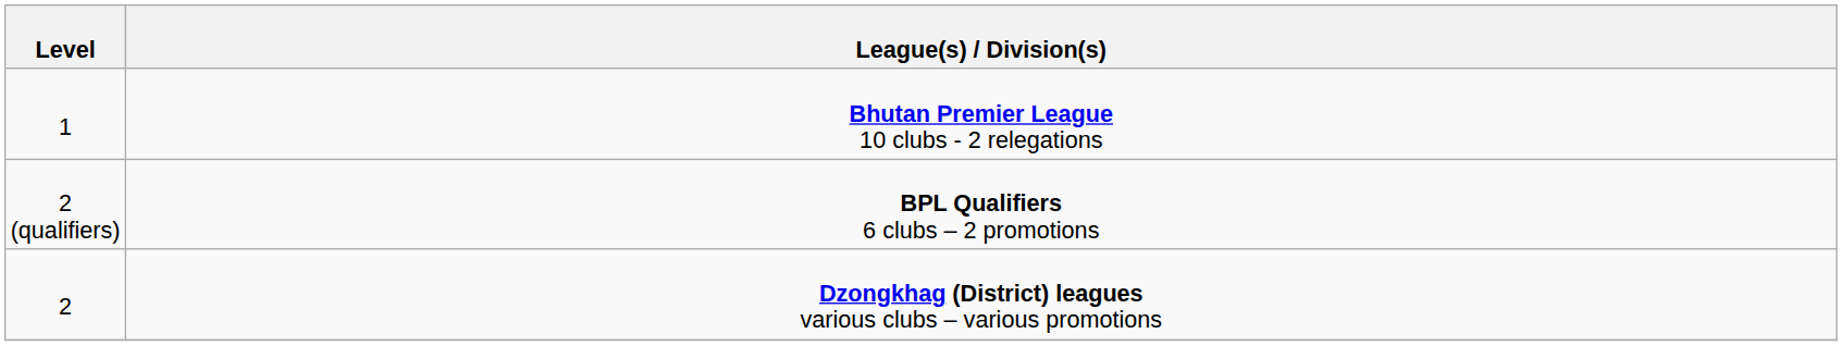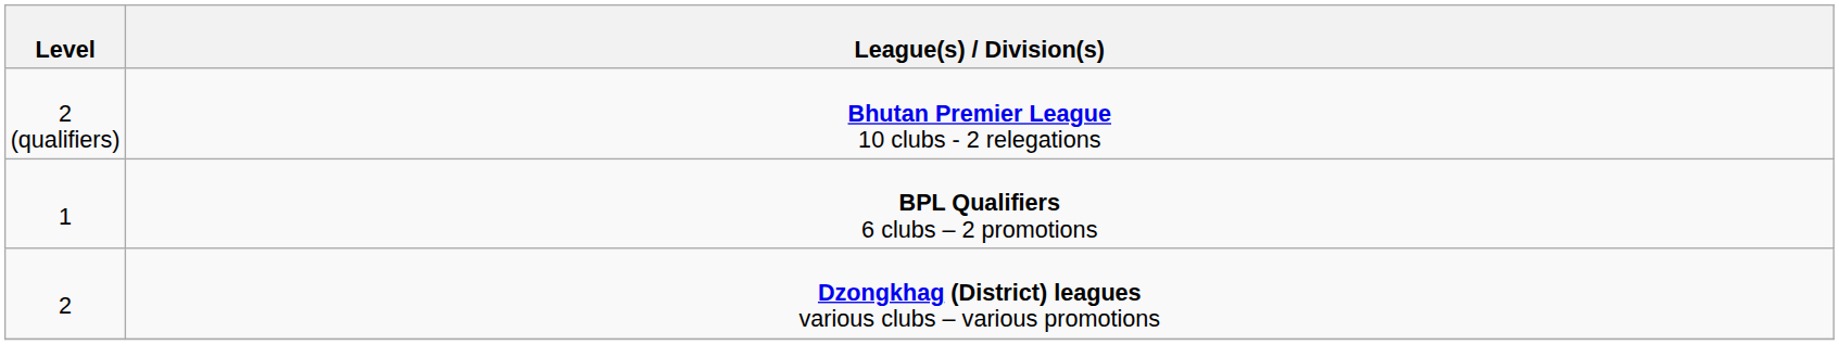 <table class="wikitable" style="text-align: center;">
 <tr>
 <th colspan="1" width="4%"><br>Level</th>
 <th colspan="6" width="96%"><br>League(s) / Division(s)</th>
 </tr>
 <tr>
-<td colspan="1" width="4%"><br>1</td>
+<td colspan="1" width="4%"><br>2 (qualifiers)</td>
 <td colspan="6" width="96%"><br><strong><a href='#'>Bhutan Premier League</a></strong><br> 10 clubs - 2 relegations</td>
 </tr>
 <tr>
-<td colspan="1" width="4%"><br>2 (qualifiers)</td>
+<td colspan="1" width="4%"><br>1</td>
 <td colspan="6" width="96%"><br><strong>BPL Qualifiers</strong><br> 6 clubs – 2 promotions</td>
 </tr>
 <tr>
 <td colspan="1" width="4%"><br>2</td>
 <td colspan="6" width="96%"><br><strong><a href='#'>Dzongkhag</a> (District) leagues</strong><br> various clubs – various promotions</td>
 </tr>
 <tr>
 </tr>
 </table>
